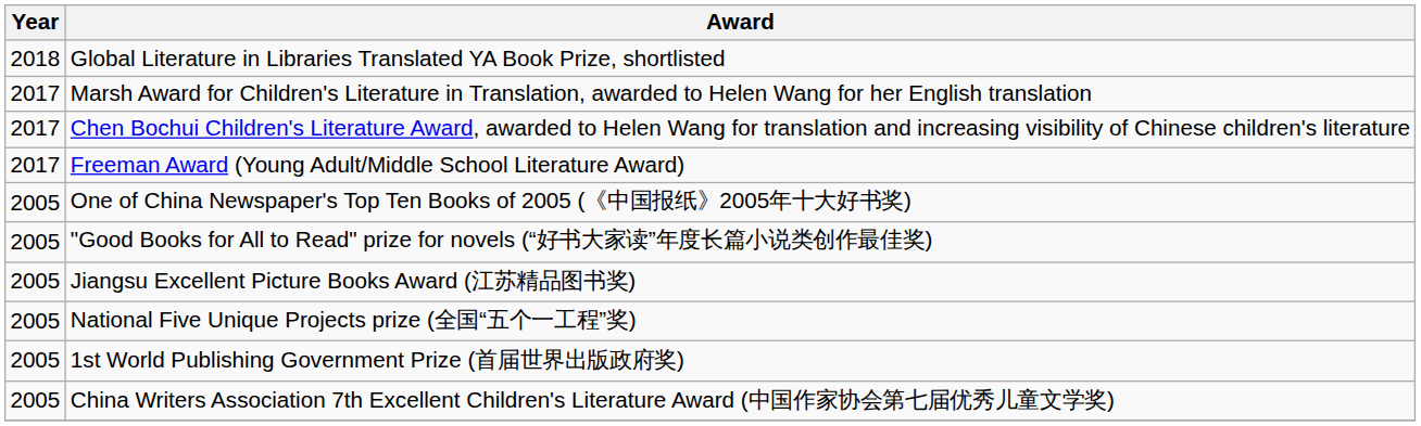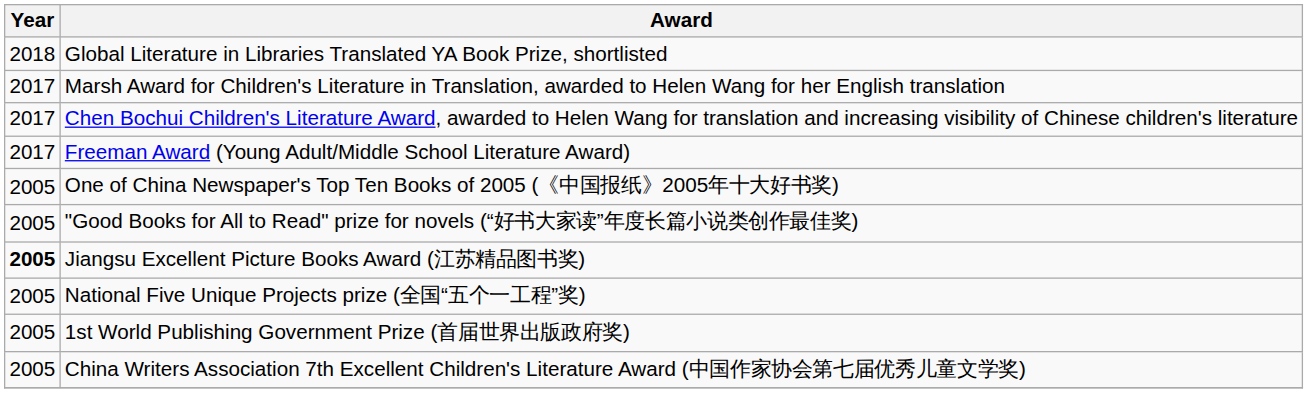 <table class="wikitable">
 <tr>
 <th>Year</th>
 <th>Award</th>
 </tr>
 <tr>
 <td>2018</td>
 <td>Global Literature in Libraries Translated YA Book Prize, shortlisted</td>
 </tr>
 <tr>
 <td>2017</td>
 <td>Marsh Award for Children's Literature in Translation, awarded to Helen Wang for her English translation</td>
 </tr>
 <tr>
 <td>2017</td>
 <td><a href='#'>Chen Bochui Children's Literature Award</a>, awarded to Helen Wang for translation and increasing visibility of Chinese children's literature</td>
 </tr>
 <tr>
 <td>2017</td>
 <td><a href='#'>Freeman Award</a> (Young Adult/Middle School Literature Award)</td>
 </tr>
 <tr>
 <td>2005</td>
 <td>One of China Newspaper's Top Ten Books of 2005 (《中国报纸》2005年十大好书奖)</td>
 </tr>
 <tr>
 <td>2005</td>
 <td>"Good Books for All to Read" prize for novels (“好书大家读”年度长篇小说类创作最佳奖)</td>
 </tr>
 <tr>
-<td>2005</td>
+<td><strong>2005</strong></td>
 <td>Jiangsu Excellent Picture Books Award (江苏精品图书奖)</td>
 </tr>
 <tr>
 <td>2005</td>
 <td>National Five Unique Projects prize (全国“五个一工程”奖)</td>
 </tr>
 <tr>
 <td>2005</td>
 <td>1st World Publishing Government Prize (首届世界出版政府奖)</td>
 </tr>
 <tr>
 <td>2005</td>
 <td>China Writers Association 7th Excellent Children's Literature Award (中国作家协会第七届优秀儿童文学奖)</td>
 </tr>
 <tr>
 </tr>
 </table>
